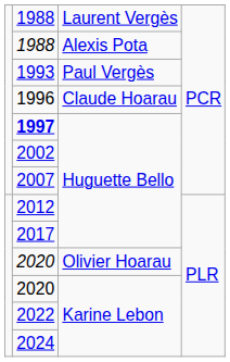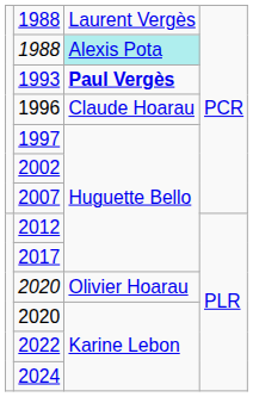 <table class="wikitable">
 <tr>
 <td rowspan="7" style="background-color: "></td>
 <td><a href='#'>1988</a></td>
 <td><a href='#'>Laurent Vergès</a></td>
 <td rowspan="7"><a href='#'>PCR</a></td>
 </tr>
 <tr>
 <td><em>1988</em></td>
-<td><a href='#'>Alexis Pota</a></td>
+<td style="background: paleturquoise;"><a href='#'>Alexis Pota</a></td>
 </tr>
 <tr>
 <td><a href='#'>1993</a></td>
-<td><a href='#'>Paul Vergès</a></td>
+<td><strong><a href='#'>Paul Vergès</a></strong></td>
 </tr>
 <tr>
 <td>1996</td>
 <td><a href='#'>Claude Hoarau</a></td>
 </tr>
 <tr>
-<td><strong><a href='#'>1997</a></strong></td>
+<td><a href='#'>1997</a></td>
 <td rowspan=5><a href='#'>Huguette Bello</a></td>
 </tr>
 <tr>
 <td><a href='#'>2002</a></td>
 </tr>
 <tr>
 <td><a href='#'>2007</a></td>
 </tr>
 <tr>
 <td rowspan="6" style="background-color: "></td>
 <td><a href='#'>2012</a></td>
 <td rowspan="6"><a href='#'>PLR</a></td>
 </tr>
 <tr>
 <td><a href='#'>2017</a></td>
 </tr>
 <tr>
 <td><em>2020</em></td>
 <td><a href='#'>Olivier Hoarau</a></td>
 </tr>
 <tr>
 <td>2020</td>
 <td rowspan="3"><a href='#'>Karine Lebon</a></td>
 </tr>
 <tr>
 <td><a href='#'>2022</a></td>
 </tr>
 <tr>
 <td><a href='#'>2024</a></td>
 </tr>
 </table>
